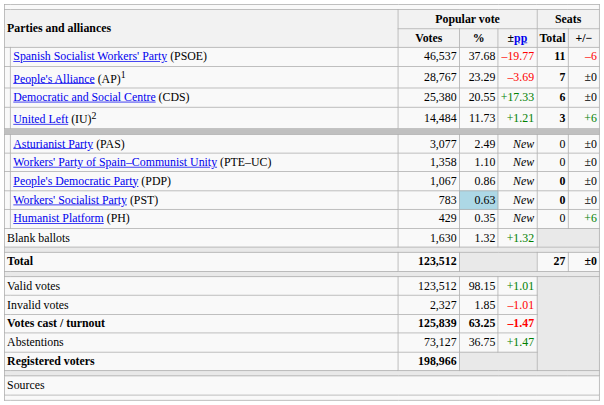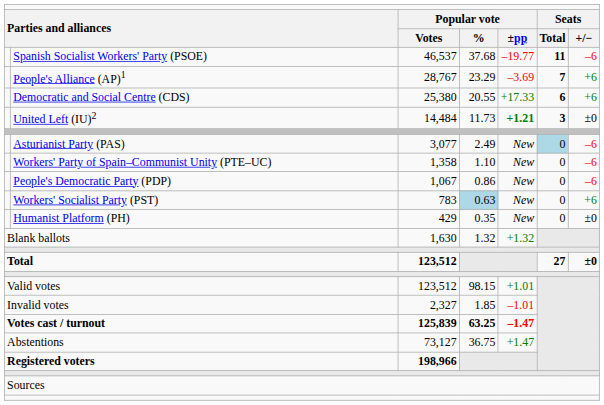 <table class="wikitable" style="text-align:right;">
 <tr>
 <td colspan="7"></td>
 </tr>
 <tr>
 <th style="text-align:left;" rowspan="2" colspan="2" width="525">Parties and alliances</th>
 <th colspan="3">Popular vote</th>
 <th colspan="2">Seats</th>
 </tr>
 <tr>
 <th width="75">Votes</th>
 <th width="45">%</th>
 <th width="45">±<a href='#'>pp</a></th>
 <th width="35">Total</th>
 <th width="35">+/−</th>
 </tr>
 <tr>
 <td width="1" style="color:inherit;background:"></td>
 <td align="left"><a href='#'>Spanish Socialist Workers' Party</a> (PSOE)</td>
 <td>46,537</td>
 <td>37.68</td>
 <td style="color:red;">–19.77</td>
 <td><strong>11</strong></td>
 <td style="color:red;">–6</td>
 </tr>
 <tr>
 <td style="color:inherit;background:"></td>
 <td align="left"><a href='#'>People's Alliance</a> (AP)<sup>1</sup></td>
 <td>28,767</td>
 <td>23.29</td>
 <td style="color:red;">–3.69</td>
 <td><strong>7</strong></td>
-<td>±0</td>
+<td style="color:green;">+6</td>
 </tr>
 <tr>
 <td style="color:inherit;background:"></td>
 <td align="left"><a href='#'>Democratic and Social Centre</a> (CDS)</td>
 <td>25,380</td>
 <td>20.55</td>
 <td style="color:green;">+17.33</td>
 <td><strong>6</strong></td>
-<td>±0</td>
+<td style="color:green;">+6</td>
 </tr>
 <tr>
 <td style="color:inherit;background:"></td>
 <td align="left"><a href='#'>United Left</a> (IU)<sup>2</sup></td>
 <td>14,484</td>
 <td>11.73</td>
-<td style="color:green;">+1.21</td>
+<td style="color:green;"><strong>+1.21</strong></td>
 <td><strong>3</strong></td>
-<td style="color:green;">+6</td>
+<td>±0</td>
 </tr>
 <tr>
 <td colspan="7" bgcolor="#C0C0C0"></td>
 </tr>
 <tr>
 <td style="color:inherit;background:"></td>
 <td align="left"><a href='#'>Asturianist Party</a> (PAS)</td>
 <td>3,077</td>
 <td>2.49</td>
 <td><em>New</em></td>
-<td>0</td>
-<td>±0</td>
+<td style="background: lightblue;">0</td>
+<td style="color:red;">–6</td>
 </tr>
 <tr>
 <td style="color:inherit;background:"></td>
 <td align="left"><a href='#'>Workers' Party of Spain–Communist Unity</a> (PTE–UC)</td>
 <td>1,358</td>
 <td>1.10</td>
 <td><em>New</em></td>
 <td>0</td>
-<td>±0</td>
+<td style="color:red;">–6</td>
 </tr>
 <tr>
 <td style="color:inherit;background:"></td>
 <td align="left"><a href='#'>People's Democratic Party</a> (PDP)</td>
 <td>1,067</td>
 <td>0.86</td>
 <td><em>New</em></td>
-<td><strong>0</strong></td>
-<td>±0</td>
+<td>0</td>
+<td style="color:red;">–6</td>
 </tr>
 <tr>
 <td style="color:inherit;background:"></td>
 <td align="left"><a href='#'>Workers' Socialist Party</a> (PST)</td>
 <td>783</td>
 <td style="background: lightblue;">0.63</td>
 <td><em>New</em></td>
-<td><strong>0</strong></td>
-<td>±0</td>
+<td>0</td>
+<td style="color:green;">+6</td>
 </tr>
 <tr>
 <td style="color:inherit;background:"></td>
 <td align="left"><a href='#'>Humanist Platform</a> (PH)</td>
 <td>429</td>
 <td>0.35</td>
 <td><em>New</em></td>
 <td>0</td>
-<td style="color:green;">+6</td>
+<td>±0</td>
 </tr>
 <tr>
 <td align="left" colspan="2">Blank ballots</td>
 <td>1,630</td>
 <td>1.32</td>
 <td style="color:green;">+1.32</td>
 <td bgcolor="#E9E9E9" colspan="2"></td>
 </tr>
 <tr>
 <td colspan="7" bgcolor="#E9E9E9"></td>
 </tr>
 <tr style="font-weight:bold;">
 <td align="left" colspan="2">Total</td>
 <td>123,512</td>
 <td bgcolor="#E9E9E9" colspan="2"></td>
 <td>27</td>
 <td>±0</td>
 </tr>
 <tr>
 <td colspan="7" bgcolor="#E9E9E9"></td>
 </tr>
 <tr>
 <td align="left" colspan="2">Valid votes</td>
 <td>123,512</td>
 <td>98.15</td>
 <td style="color:green;">+1.01</td>
 <td bgcolor="#E9E9E9" colspan="2" rowspan="5"></td>
 </tr>
 <tr>
 <td align="left" colspan="2">Invalid votes</td>
 <td>2,327</td>
 <td>1.85</td>
 <td style="color:red;">–1.01</td>
 </tr>
 <tr style="font-weight:bold;">
 <td align="left" colspan="2">Votes cast / turnout</td>
 <td>125,839</td>
 <td>63.25</td>
 <td style="color:red;">–1.47</td>
 </tr>
 <tr>
 <td align="left" colspan="2">Abstentions</td>
 <td>73,127</td>
 <td>36.75</td>
 <td style="color:green;">+1.47</td>
 </tr>
 <tr style="font-weight:bold;">
 <td align="left" colspan="2">Registered voters</td>
 <td>198,966</td>
 <td bgcolor="#E9E9E9" colspan="2"></td>
 </tr>
 <tr>
 <td colspan="7" bgcolor="#E9E9E9"></td>
 </tr>
 <tr>
 <td align="left" colspan="7">Sources</td>
 </tr>
 <tr>
 <td colspan="7" style="text-align:left; max-width:790px;"></td>
 </tr>
 </table>
